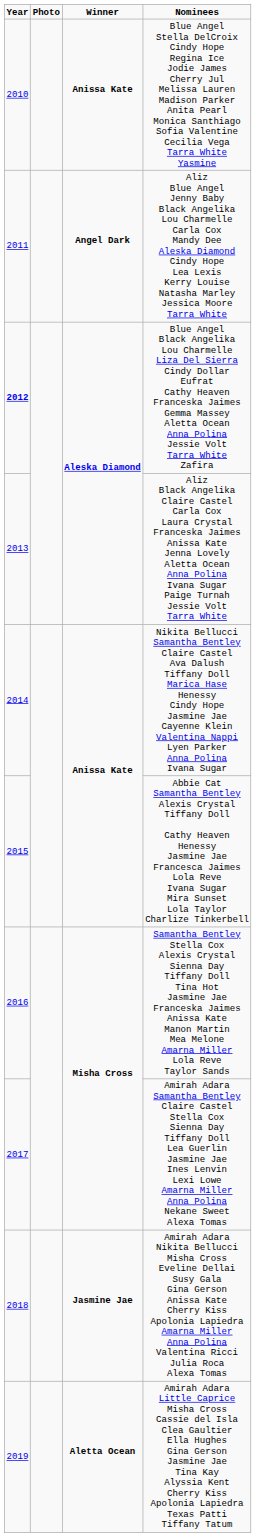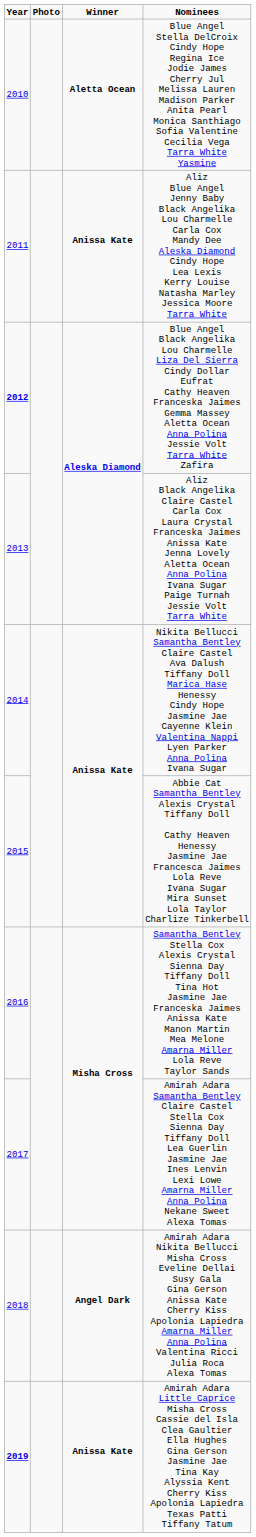 <table class=wikitable>
 <tr>
 <td align=center><strong>Year</strong></td>
 <td align=center><strong>Photo</strong></td>
 <td align=center><strong>Winner</strong></td>
 <td align=center><strong>Nominees</strong></td>
 </tr>
 <tr>
 <td><a href='#'>2010</a></td>
 <td></td>
-<td align=center><strong>Anissa Kate</strong><br><br></td>
+<td align=center><strong>Aletta Ocean</strong><br><br></td>
 <td align=center>Blue Angel<br>Stella DelCroix<br>Cindy Hope<br>Regina Ice<br>Jodie James<br>Cherry Jul<br>Melissa Lauren<br>Madison Parker<br>Anita Pearl<br>Monica Santhiago<br>Sofia Valentine<br>Cecilia Vega<br><a href='#'>Tarra White</a><br><a href='#'>Yasmine</a></td>
 </tr>
 <tr>
 <td><a href='#'>2011</a></td>
 <td></td>
-<td align=center><strong>Angel Dark</strong><br><br></td>
+<td align=center><strong>Anissa Kate</strong><br><br></td>
 <td align=center>Aliz<br>Blue Angel<br>Jenny Baby<br>Black Angelika<br>Lou Charmelle<br>Carla Cox<br>Mandy Dee<br><a href='#'>Aleska Diamond</a><br>Cindy Hope<br>Lea Lexis<br>Kerry Louise<br>Natasha Marley<br>Jessica Moore<br><a href='#'>Tarra White</a></td>
 </tr>
 <tr>
 <td><strong><a href='#'>2012</a></strong></td>
 <td align=center rowspan=2></td>
 <td align=center rowspan=2><strong><a href='#'>Aleska Diamond</a></strong><br><br></td>
 <td align=center>Blue Angel<br>Black Angelika<br>Lou Charmelle<br><a href='#'>Liza Del Sierra</a><br>Cindy Dollar<br>Eufrat<br>Cathy Heaven<br>Franceska Jaimes<br>Gemma Massey<br>Aletta Ocean<br><a href='#'>Anna Polina</a><br>Jessie Volt<br><a href='#'>Tarra White</a><br>Zafira</td>
 </tr>
 <tr>
 <td><a href='#'>2013</a></td>
 <td align=center>Aliz<br>Black Angelika<br>Claire Castel<br>Carla Cox<br>Laura Crystal<br>Franceska Jaimes<br>Anissa Kate<br>Jenna Lovely<br>Aletta Ocean<br><a href='#'>Anna Polina</a><br>Ivana Sugar<br>Paige Turnah<br>Jessie Volt<br><a href='#'>Tarra White</a></td>
 </tr>
 <tr>
 <td><a href='#'>2014</a></td>
 <td align=center rowspan=2></td>
 <td align=center rowspan=2><strong>Anissa Kate</strong><br><br></td>
 <td align=center>Nikita Bellucci<br><a href='#'>Samantha Bentley</a><br>Claire Castel<br>Ava Dalush<br>Tiffany Doll<br><a href='#'>Marica Hase</a><br>Henessy<br>Cindy Hope<br>Jasmine Jae<br>Cayenne Klein<br><a href='#'>Valentina Nappi</a><br>Lyen Parker<br><a href='#'>Anna Polina</a><br>Ivana Sugar</td>
 </tr>
 <tr>
 <td><a href='#'>2015</a></td>
 <td align=center>Abbie Cat<br><a href='#'>Samantha Bentley</a><br>Alexis Crystal<br>Tiffany Doll<br><br>Cathy Heaven<br>Henessy<br>Jasmine Jae<br>Francesca Jaimes<br>Lola Reve<br>Ivana Sugar<br>Mira Sunset<br>Lola Taylor<br>Charlize Tinkerbell</td>
 </tr>
 <tr>
 <td><a href='#'>2016</a></td>
 <td align=center rowspan=2></td>
 <td align=center rowspan=2><strong>Misha Cross</strong><br><br></td>
 <td align=center><a href='#'>Samantha Bentley</a><br>Stella Cox<br>Alexis Crystal<br>Sienna Day<br>Tiffany Doll<br>Tina Hot<br>Jasmine Jae<br>Franceska Jaimes<br>Anissa Kate<br>Manon Martin<br>Mea Melone<br><a href='#'>Amarna Miller</a><br>Lola Reve<br>Taylor Sands</td>
 </tr>
 <tr>
 <td><a href='#'>2017</a></td>
 <td align=center>Amirah Adara<br><a href='#'>Samantha Bentley</a><br>Claire Castel<br>Stella Cox<br>Sienna Day<br>Tiffany Doll<br>Lea Guerlin<br>Jasmine Jae<br>Ines Lenvin<br>Lexi Lowe<br><a href='#'>Amarna Miller</a><br><a href='#'>Anna Polina</a><br>Nekane Sweet<br>Alexa Tomas</td>
 </tr>
 <tr>
 <td><a href='#'>2018</a></td>
 <td></td>
-<td align=center><strong>Jasmine Jae</strong><br><br></td>
+<td align=center><strong>Angel Dark</strong><br><br></td>
 <td align=center>Amirah Adara<br>Nikita Bellucci<br>Misha Cross<br>Eveline Dellai<br>Susy Gala<br>Gina Gerson<br>Anissa Kate<br>Cherry Kiss<br>Apolonia Lapiedra<br><a href='#'>Amarna Miller</a><br><a href='#'>Anna Polina</a><br>Valentina Ricci<br>Julia Roca<br>Alexa Tomas</td>
 </tr>
 <tr>
-<td><a href='#'>2019</a></td>
+<td><strong><a href='#'>2019</a></strong></td>
 <td></td>
-<td align=center><strong>Aletta Ocean</strong><br><br></td>
+<td align=center><strong>Anissa Kate</strong><br><br></td>
 <td align=center>Amirah Adara<br><a href='#'>Little Caprice</a><br>Misha Cross<br>Cassie del Isla<br>Clea Gaultier<br>Ella Hughes<br>Gina Gerson<br>Jasmine Jae<br>Tina Kay<br>Alyssia Kent<br>Cherry Kiss<br>Apolonia Lapiedra<br>Texas Patti<br>Tiffany Tatum</td>
 </tr>
 </table>
